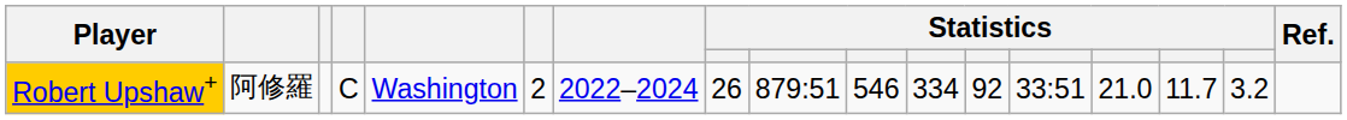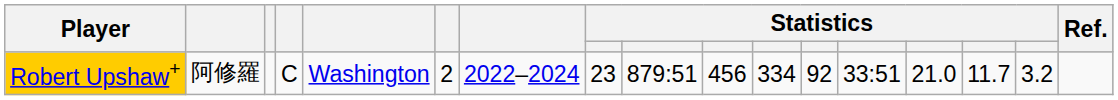 <table class="wikitable sortable" style="font-size:95%; text-align:right;">
 <tr>
 <th rowspan="2">Player</th>
 <th rowspan="2"></th>
 <th rowspan="2"></th>
 <th rowspan="2"></th>
 <th rowspan="2"></th>
 <th rowspan="2"></th>
 <th rowspan="2"></th>
 <th colspan="9">Statistics</th>
 <th rowspan="2">Ref.</th>
 </tr>
 <tr>
 <th></th>
 <th></th>
 <th></th>
 <th></th>
 <th></th>
 <th></th>
 <th></th>
 <th></th>
 <th></th>
 </tr>
 <tr>
 <td align="left" bgcolor="#FFCC00"><a href='#'>Robert Upshaw</a><sup>+</sup></td>
 <td align="left">阿修羅</td>
 <td align="center"></td>
 <td align="center">C</td>
 <td align="left"><a href='#'>Washington</a></td>
 <td align="center">2</td>
 <td align="center"><a href='#'>2022</a>–<a href='#'>2024</a></td>
-<td>26</td>
+<td>23</td>
 <td>879:51</td>
-<td>546</td>
+<td>456</td>
 <td>334</td>
 <td>92</td>
 <td>33:51</td>
 <td>21.0</td>
 <td>11.7</td>
 <td>3.2</td>
 <td align="center"></td>
 </tr>
 </table>
